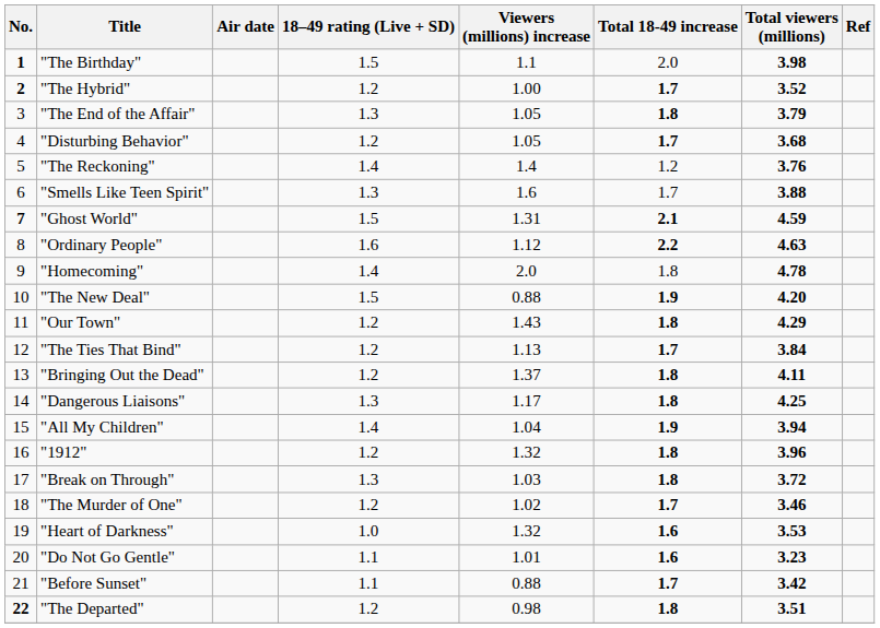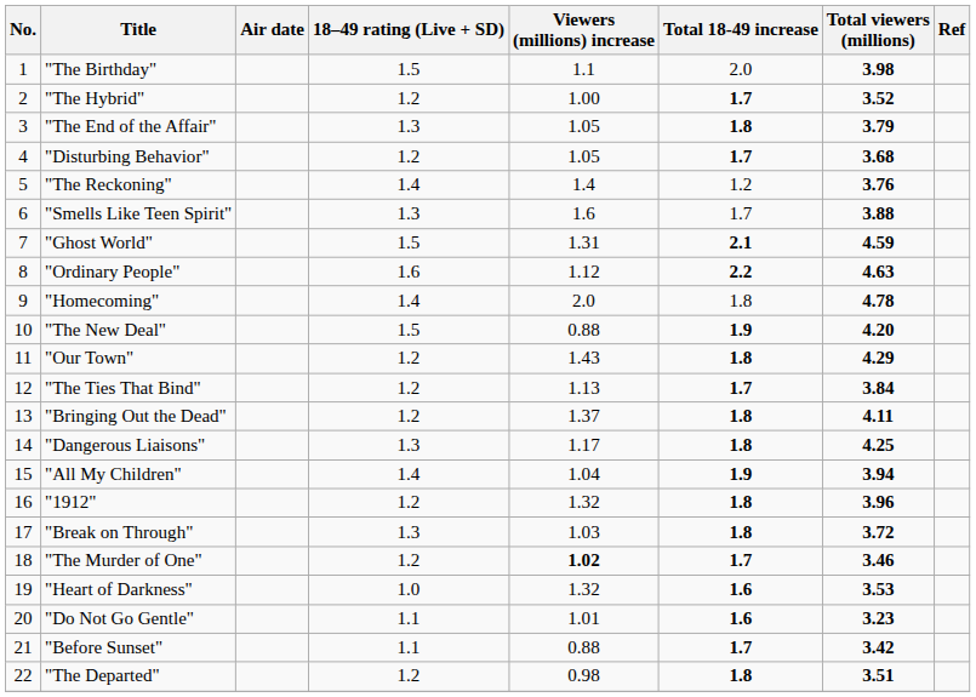 <table class="wikitable">
 <tr style="background:#fff;">
 <th>No.</th>
 <th>Title</th>
 <th>Air date</th>
 <th>18–49 rating (Live + SD)</th>
 <th>Viewers<br>(millions) increase</th>
 <th>Total 18-49 increase</th>
 <th>Total viewers<br>(millions)</th>
 <th>Ref</th>
 </tr>
 <tr>
-<td style="text-align:center;"><strong>1</strong></td>
+<td style="text-align:center;">1</td>
 <td>"The Birthday"</td>
 <td></td>
 <td style="text-align:center;">1.5</td>
 <td style="text-align:center;">1.1</td>
 <td style="text-align:center;">2.0</td>
 <td style="text-align:center;"><strong>3.98</strong></td>
 <td style="text-align:center;"></td>
 </tr>
 <tr>
-<td style="text-align:center;"><strong>2</strong></td>
+<td style="text-align:center;">2</td>
 <td>"The Hybrid"</td>
 <td></td>
 <td style="text-align:center;">1.2</td>
 <td style="text-align:center;">1.00</td>
 <td style="text-align:center;"><strong>1.7</strong></td>
 <td style="text-align:center;"><strong>3.52</strong></td>
 <td style="text-align:center;"></td>
 </tr>
 <tr>
 <td style="text-align:center;">3</td>
 <td>"The End of the Affair"</td>
 <td></td>
 <td style="text-align:center;">1.3</td>
 <td style="text-align:center;">1.05</td>
 <td style="text-align:center;"><strong>1.8</strong></td>
 <td style="text-align:center;"><strong>3.79</strong></td>
 <td style="text-align:center;"></td>
 </tr>
 <tr>
 <td style="text-align:center;">4</td>
 <td>"Disturbing Behavior"</td>
 <td></td>
 <td style="text-align:center;">1.2</td>
 <td style="text-align:center;">1.05</td>
 <td style="text-align:center;"><strong>1.7</strong></td>
 <td style="text-align:center;"><strong>3.68</strong></td>
 <td style="text-align:center;"></td>
 </tr>
 <tr B>
 <td style="text-align:center;">5</td>
 <td>"The Reckoning"</td>
 <td></td>
 <td style="text-align:center;">1.4</td>
 <td style="text-align:center;">1.4</td>
 <td style="text-align:center;">1.2</td>
 <td style="text-align:center;"><strong>3.76</strong></td>
 <td style="text-align:center;"></td>
 </tr>
 <tr>
 <td style="text-align:center;">6</td>
 <td>"Smells Like Teen Spirit"</td>
 <td></td>
 <td style="text-align:center;">1.3</td>
 <td style="text-align:center;">1.6</td>
 <td style="text-align:center;">1.7</td>
 <td style="text-align:center;"><strong>3.88</strong></td>
 <td style="text-align:center;"></td>
 </tr>
 <tr>
-<td style="text-align:center;"><strong>7</strong></td>
+<td style="text-align:center;">7</td>
 <td>"Ghost World"</td>
 <td></td>
 <td style="text-align:center;">1.5</td>
 <td style="text-align:center;">1.31</td>
 <td style="text-align:center;"><strong>2.1</strong></td>
 <td style="text-align:center;"><strong>4.59</strong></td>
 <td style="text-align:center;"></td>
 </tr>
 <tr>
 <td style="text-align:center;">8</td>
 <td>"Ordinary People"</td>
 <td></td>
 <td style="text-align:center;">1.6</td>
 <td style="text-align:center;">1.12</td>
 <td style="text-align:center;"><strong>2.2</strong></td>
 <td style="text-align:center;"><strong>4.63</strong></td>
 <td style="text-align:center;"></td>
 </tr>
 <tr>
 <td style="text-align:center;">9</td>
 <td>"Homecoming"</td>
 <td></td>
 <td style="text-align:center;">1.4</td>
 <td style="text-align:center;">2.0</td>
 <td style="text-align:center;">1.8</td>
 <td style="text-align:center;"><strong>4.78</strong></td>
 <td style="text-align:center;"></td>
 </tr>
 <tr>
 <td style="text-align:center;">10</td>
 <td>"The New Deal"</td>
 <td></td>
 <td style="text-align:center;">1.5</td>
 <td style="text-align:center;">0.88</td>
 <td style="text-align:center;"><strong>1.9</strong></td>
 <td style="text-align:center;"><strong>4.20</strong></td>
 <td style="text-align:center;"></td>
 </tr>
 <tr>
 <td style="text-align:center;">11</td>
 <td>"Our Town"</td>
 <td></td>
 <td style="text-align:center;">1.2</td>
 <td style="text-align:center;">1.43</td>
 <td style="text-align:center;"><strong>1.8</strong></td>
 <td style="text-align:center;"><strong>4.29</strong></td>
 <td style="text-align:center;"></td>
 </tr>
 <tr>
 <td style="text-align:center;">12</td>
 <td>"The Ties That Bind"</td>
 <td></td>
 <td style="text-align:center;">1.2</td>
 <td style="text-align:center;">1.13</td>
 <td style="text-align:center;"><strong>1.7</strong></td>
 <td style="text-align:center;"><strong>3.84</strong></td>
 <td style="text-align:center;"></td>
 </tr>
 <tr>
 <td style="text-align:center;">13</td>
 <td>"Bringing Out the Dead"</td>
 <td></td>
 <td style="text-align:center;">1.2</td>
 <td style="text-align:center;">1.37</td>
 <td style="text-align:center;"><strong>1.8</strong></td>
 <td style="text-align:center;"><strong>4.11</strong></td>
 <td style="text-align:center;"></td>
 </tr>
 <tr>
 <td style="text-align:center;">14</td>
 <td>"Dangerous Liaisons"</td>
 <td></td>
 <td style="text-align:center;">1.3</td>
 <td style="text-align:center;">1.17</td>
 <td style="text-align:center;"><strong>1.8</strong></td>
 <td style="text-align:center;"><strong>4.25</strong></td>
 <td style="text-align:center;"></td>
 </tr>
 <tr>
 <td style="text-align:center;">15</td>
 <td>"All My Children"</td>
 <td></td>
 <td style="text-align:center;">1.4</td>
 <td style="text-align:center;">1.04</td>
 <td style="text-align:center;"><strong>1.9</strong></td>
 <td style="text-align:center;"><strong>3.94</strong></td>
 <td style="text-align:center;"></td>
 </tr>
 <tr>
 <td style="text-align:center;">16</td>
 <td>"1912"</td>
 <td></td>
 <td style="text-align:center;">1.2</td>
 <td style="text-align:center;">1.32</td>
 <td style="text-align:center;"><strong>1.8</strong></td>
 <td style="text-align:center;"><strong>3.96</strong></td>
 <td style="text-align:center;"></td>
 </tr>
 <tr>
 <td style="text-align:center;">17</td>
 <td>"Break on Through"</td>
 <td></td>
 <td style="text-align:center;">1.3</td>
 <td style="text-align:center;">1.03</td>
 <td style="text-align:center;"><strong>1.8</strong></td>
 <td style="text-align:center;"><strong>3.72</strong></td>
 <td style="text-align:center;"></td>
 </tr>
 <tr>
 <td style="text-align:center;">18</td>
 <td>"The Murder of One"</td>
 <td></td>
 <td style="text-align:center;">1.2</td>
-<td style="text-align:center;">1.02</td>
+<td style="text-align:center;"><strong>1.02</strong></td>
 <td style="text-align:center;"><strong>1.7</strong></td>
 <td style="text-align:center;"><strong>3.46</strong></td>
 <td style="text-align:center;"></td>
 </tr>
 <tr>
 <td style="text-align:center;">19</td>
 <td>"Heart of Darkness"</td>
 <td></td>
 <td style="text-align:center;">1.0</td>
 <td style="text-align:center;">1.32</td>
 <td style="text-align:center;"><strong>1.6</strong></td>
 <td style="text-align:center;"><strong>3.53</strong></td>
 <td style="text-align:center;"></td>
 </tr>
 <tr>
 <td style="text-align:center;">20</td>
 <td>"Do Not Go Gentle"</td>
 <td></td>
 <td style="text-align:center;">1.1</td>
 <td style="text-align:center;">1.01</td>
 <td style="text-align:center;"><strong>1.6</strong></td>
 <td style="text-align:center;"><strong>3.23</strong></td>
 <td style="text-align:center;"></td>
 </tr>
 <tr>
 <td style="text-align:center;">21</td>
 <td>"Before Sunset"</td>
 <td></td>
 <td style="text-align:center;">1.1</td>
 <td style="text-align:center;">0.88</td>
 <td style="text-align:center;"><strong>1.7</strong></td>
 <td style="text-align:center;"><strong>3.42</strong></td>
 <td style="text-align:center;"></td>
 </tr>
 <tr>
-<td style="text-align:center;"><strong>22</strong></td>
+<td style="text-align:center;">22</td>
 <td>"The Departed"</td>
 <td></td>
 <td style="text-align:center;">1.2</td>
 <td style="text-align:center;">0.98</td>
 <td style="text-align:center;"><strong>1.8</strong></td>
 <td style="text-align:center;"><strong>3.51</strong></td>
 <td style="text-align:center;"></td>
 </tr>
 <tr>
 </tr>
 </table>
